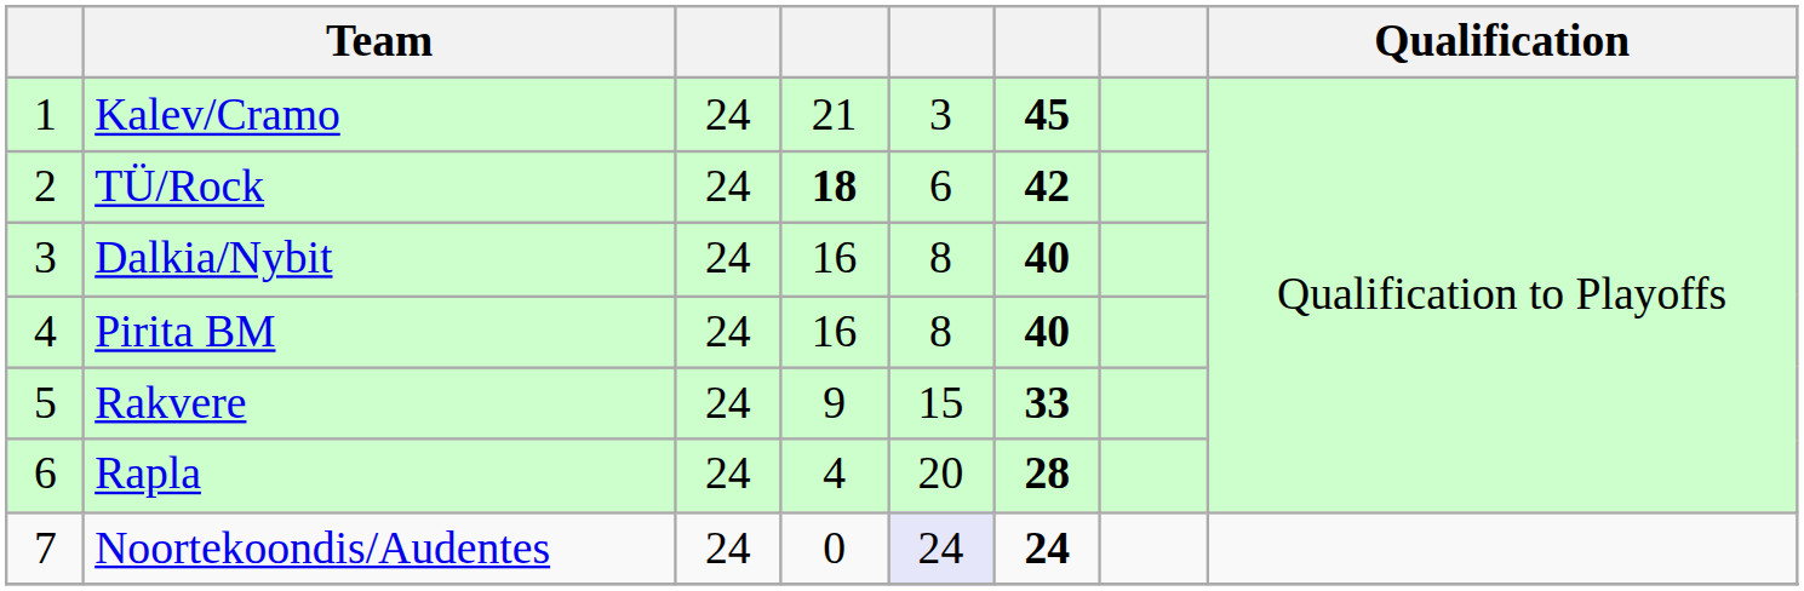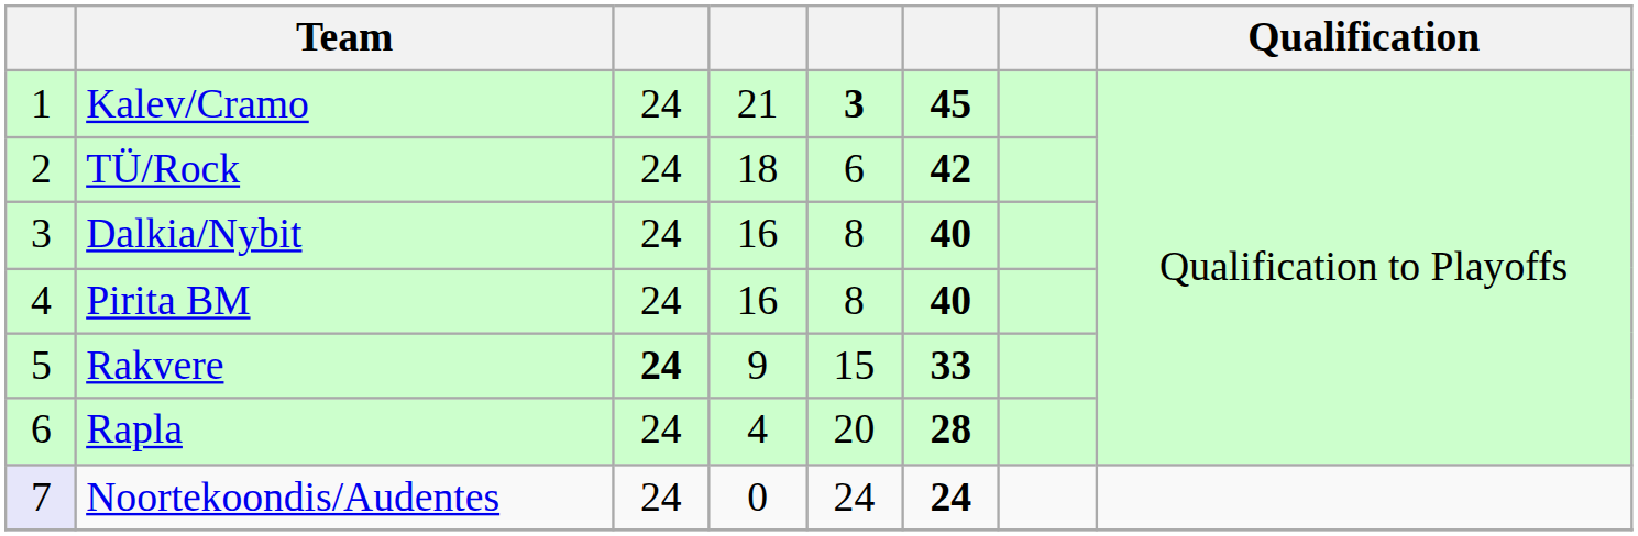 <table class="wikitable" style="text-align: center;">
 <tr>
 <th width=20></th>
 <th width=200>Team</th>
 <th width=30></th>
 <th width=30></th>
 <th width=30></th>
 <th width=30></th>
 <th width=30></th>
 <th width=200>Qualification</th>
 </tr>
 <tr bgcolor=#ccffcc>
 <td>1</td>
 <td align="left"><a href='#'>Kalev/Cramo</a></td>
 <td>24</td>
 <td>21</td>
-<td>3</td>
+<td><strong>3</strong></td>
 <td><strong>45</strong></td>
 <td></td>
 <td rowspan=6 align="center">Qualification to Playoffs</td>
 </tr>
 <tr bgcolor=#ccffcc>
 <td>2</td>
 <td align="left"><a href='#'>TÜ/Rock</a></td>
 <td>24</td>
-<td><strong>18</strong></td>
+<td>18</td>
 <td>6</td>
 <td><strong>42</strong></td>
 <td></td>
 </tr>
 <tr bgcolor=#ccffcc>
 <td>3</td>
 <td align="left"><a href='#'>Dalkia/Nybit</a></td>
 <td>24</td>
 <td>16</td>
 <td>8</td>
 <td><strong>40</strong></td>
 <td></td>
 </tr>
 <tr bgcolor=#ccffcc>
 <td>4</td>
 <td align="left"><a href='#'>Pirita BM</a></td>
 <td>24</td>
 <td>16</td>
 <td>8</td>
 <td><strong>40</strong></td>
 <td></td>
 </tr>
 <tr bgcolor=#ccffcc>
 <td>5</td>
 <td align="left"><a href='#'>Rakvere</a></td>
-<td>24</td>
+<td><strong>24</strong></td>
 <td>9</td>
 <td>15</td>
 <td><strong>33</strong></td>
 <td></td>
 </tr>
 <tr bgcolor=#ccffcc>
 <td>6</td>
 <td align="left"><a href='#'>Rapla</a></td>
 <td>24</td>
 <td>4</td>
 <td>20</td>
 <td><strong>28</strong></td>
 <td></td>
 </tr>
 <tr>
-<td>7</td>
+<td style="background: lavender;">7</td>
 <td align="left"><a href='#'>Noortekoondis/Audentes</a></td>
 <td>24</td>
 <td>0</td>
-<td style="background: lavender;">24</td>
+<td>24</td>
 <td><strong>24</strong></td>
 <td></td>
 <td rowspan=1></td>
 </tr>
 <tr>
 </tr>
 </table>
